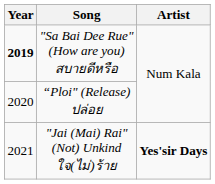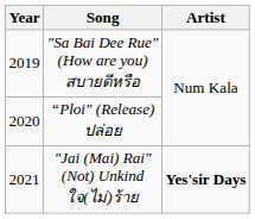 <table class="wikitable">
 <tr>
 <th>Year</th>
 <th>Song</th>
 <th>Artist</th>
 </tr>
 <tr>
-<td rowspan = "1"><strong>2019</strong></td>
+<td rowspan = "1">2019</td>
 <td align = "center"><em>"Sa Bai Dee Rue" <br>(How are you) <br> สบายดีหรือ</em></td>
 <td rowspan = "2" align = "center">Num Kala</td>
 </tr>
 <tr>
 <td rowspan = "1">2020</td>
 <td align = "center"><em>“Ploi" (Release) <br> ปล่อย</em></td>
 </tr>
 <tr '>
 <td rowspan = "1">2021</td>
 <td align = "center"><em>"Jai (Mai) Rai" <br>(Not) Unkind <br> ใจ(ไม่)ร้าย</em></td>
 <td align = "center"><strong>Yes'sir Days</strong></td>
 </tr>
 </table>
